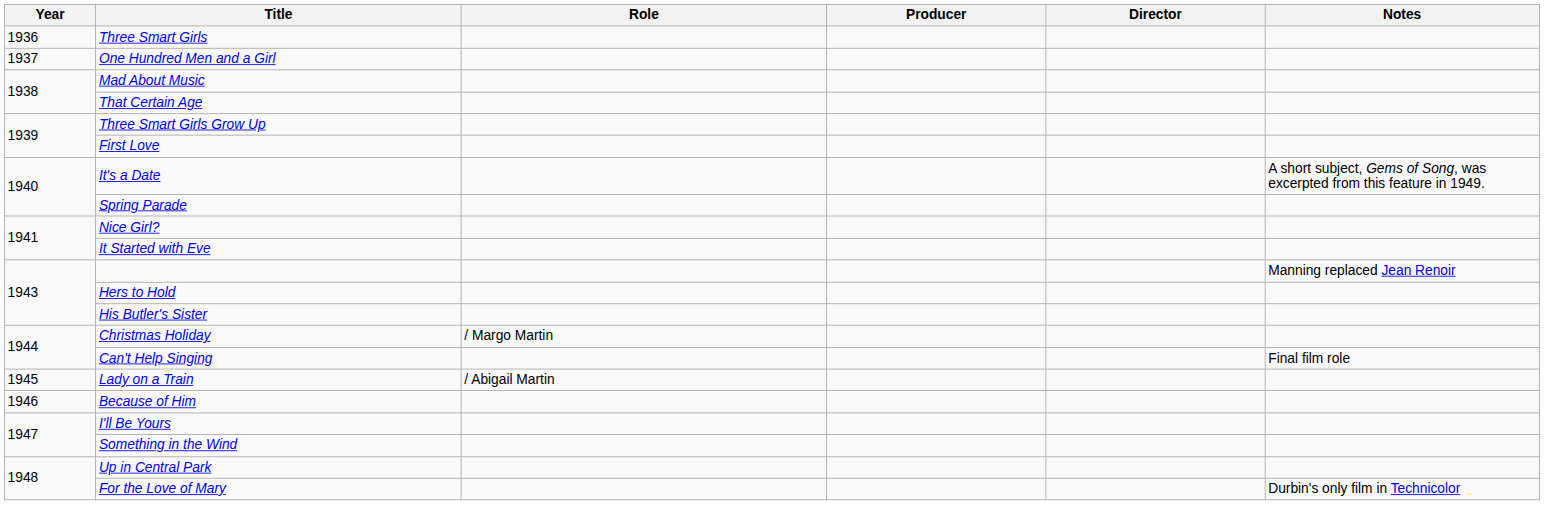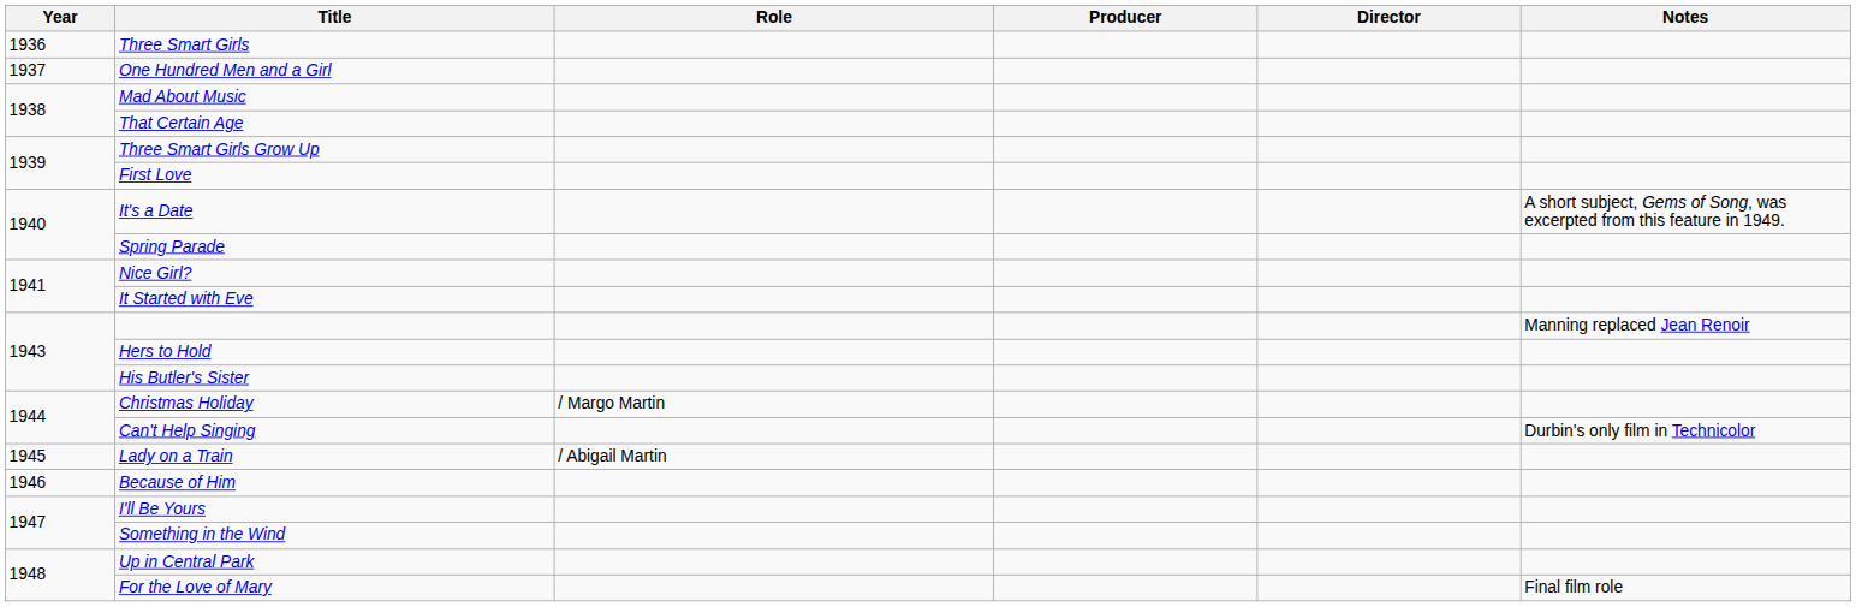 <table class="wikitable sortable sticky-header-multi plainrowheaders" width=90%>
 <tr>
 <th width=5% scope="col">Year</th>
 <th width=20% scope="col">Title</th>
 <th width=20% scope="col">Role</th>
 <th width=12% scope="col">Producer</th>
 <th width=12% scope="col">Director</th>
 <th width=15% scope="col" class="unsortable">Notes</th>
 </tr>
 <tr>
 <td>1936</td>
 <td scope="row"><em><a href='#'>Three Smart Girls</a></em></td>
 <td></td>
 <td></td>
 <td></td>
 <td></td>
 </tr>
 <tr>
 <td>1937</td>
 <td scope="row"><em><a href='#'>One Hundred Men and a Girl</a></em></td>
 <td></td>
 <td></td>
 <td></td>
 <td></td>
 </tr>
 <tr>
 <td rowspan=2>1938</td>
 <td scope="row"><em><a href='#'>Mad About Music</a></em></td>
 <td></td>
 <td></td>
 <td></td>
 <td></td>
 </tr>
 <tr>
 <td scope="row"><em><a href='#'>That Certain Age</a></em></td>
 <td></td>
 <td></td>
 <td></td>
 <td></td>
 </tr>
 <tr>
 <td rowspan=2>1939</td>
 <td scope="row"><em><a href='#'>Three Smart Girls Grow Up</a></em></td>
 <td></td>
 <td></td>
 <td></td>
 <td></td>
 </tr>
 <tr>
 <td scope="row"><em><a href='#'>First Love</a></em></td>
 <td></td>
 <td></td>
 <td></td>
 <td></td>
 </tr>
 <tr>
 <td rowspan=2>1940</td>
 <td scope="row"><em><a href='#'>It's a Date</a></em></td>
 <td></td>
 <td></td>
 <td></td>
 <td>A short subject, <em>Gems of Song</em>, was excerpted from this feature in 1949.</td>
 </tr>
 <tr>
 <td scope="row"><em><a href='#'>Spring Parade</a></em></td>
 <td></td>
 <td></td>
 <td></td>
 <td></td>
 </tr>
 <tr>
 <td rowspan=2>1941</td>
 <td scope="row"><em><a href='#'>Nice Girl?</a></em></td>
 <td></td>
 <td></td>
 <td></td>
 <td></td>
 </tr>
 <tr>
 <td scope="row"><em><a href='#'>It Started with Eve</a></em></td>
 <td></td>
 <td></td>
 <td></td>
 <td></td>
 </tr>
 <tr>
 <td rowspan=3>1943</td>
 <td scope="row"><em></em></td>
 <td></td>
 <td></td>
 <td></td>
 <td>Manning replaced <a href='#'>Jean Renoir</a></td>
 </tr>
 <tr>
 <td scope="row"><em><a href='#'>Hers to Hold</a></em></td>
 <td></td>
 <td></td>
 <td></td>
 <td></td>
 </tr>
 <tr>
 <td scope="row"><em><a href='#'>His Butler's Sister</a></em></td>
 <td></td>
 <td></td>
 <td></td>
 <td></td>
 </tr>
 <tr>
 <td rowspan=2>1944</td>
 <td scope="row"><em><a href='#'>Christmas Holiday</a></em></td>
 <td> / Margo Martin</td>
 <td></td>
 <td></td>
 <td></td>
 </tr>
 <tr>
 <td scope="row"><em><a href='#'>Can't Help Singing</a></em></td>
 <td></td>
 <td></td>
 <td></td>
-<td>Final film role</td>
+<td>Durbin's only film in <a href='#'>Technicolor</a></td>
 </tr>
 <tr>
 <td>1945</td>
 <td scope="row"><em><a href='#'>Lady on a Train</a></em></td>
 <td> / Abigail Martin</td>
 <td></td>
 <td></td>
 <td></td>
 </tr>
 <tr>
 <td>1946</td>
 <td scope="row"><em><a href='#'>Because of Him</a></em></td>
 <td></td>
 <td></td>
 <td></td>
 <td></td>
 </tr>
 <tr>
 <td rowspan=2>1947</td>
 <td scope="row"><em><a href='#'>I'll Be Yours</a></em></td>
 <td></td>
 <td></td>
 <td></td>
 <td></td>
 </tr>
 <tr>
 <td scope="row"><em><a href='#'>Something in the Wind</a></em></td>
 <td></td>
 <td></td>
 <td></td>
 <td></td>
 </tr>
 <tr>
 <td rowspan=2>1948</td>
 <td scope="row"><em><a href='#'>Up in Central Park</a></em></td>
 <td></td>
 <td></td>
 <td></td>
 <td></td>
 </tr>
 <tr>
 <td scope="row"><em><a href='#'>For the Love of Mary</a></em></td>
 <td></td>
 <td></td>
 <td></td>
-<td>Durbin's only film in <a href='#'>Technicolor</a></td>
+<td>Final film role</td>
 </tr>
 </table>
